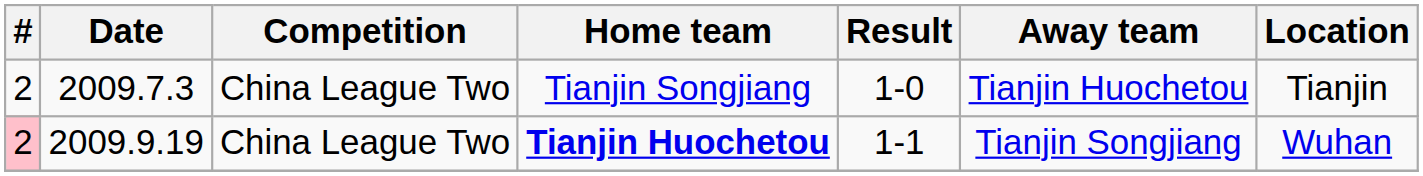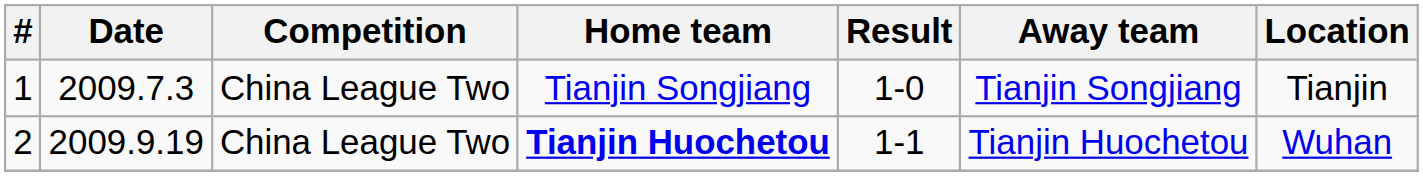 <table class="wikitable" style="text-align:center">
 <tr>
 <th>#</th>
 <th>Date</th>
 <th>Competition</th>
 <th>Home team</th>
 <th>Result</th>
 <th>Away team</th>
 <th>Location</th>
 </tr>
 <tr>
-<td>2</td>
+<td>1</td>
 <td>2009.7.3</td>
 <td>China League Two</td>
 <td><a href='#'>Tianjin Songjiang</a></td>
 <td>1-0</td>
-<td><a href='#'>Tianjin Huochetou</a></td>
+<td><a href='#'>Tianjin Songjiang</a></td>
 <td>Tianjin</td>
 </tr>
 <tr>
-<td style="background: pink;">2</td>
+<td>2</td>
 <td>2009.9.19</td>
 <td>China League Two</td>
 <td><strong><a href='#'>Tianjin Huochetou</a></strong></td>
 <td>1-1</td>
-<td><a href='#'>Tianjin Songjiang</a></td>
+<td><a href='#'>Tianjin Huochetou</a></td>
 <td><a href='#'>Wuhan</a></td>
 </tr>
 <tr>
 </tr>
 </table>
